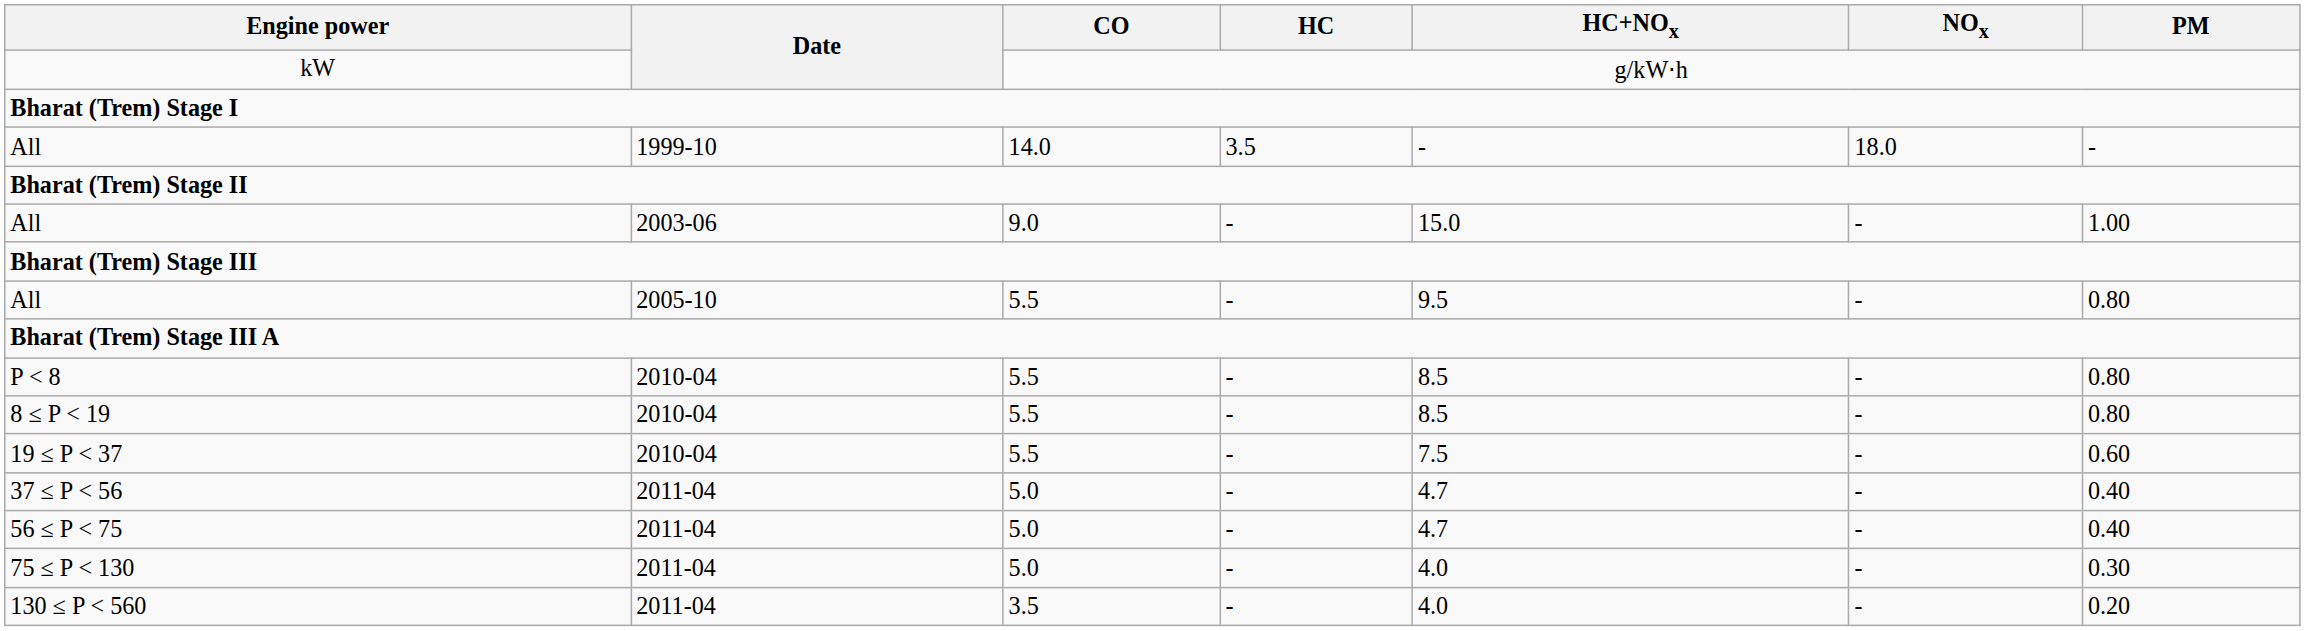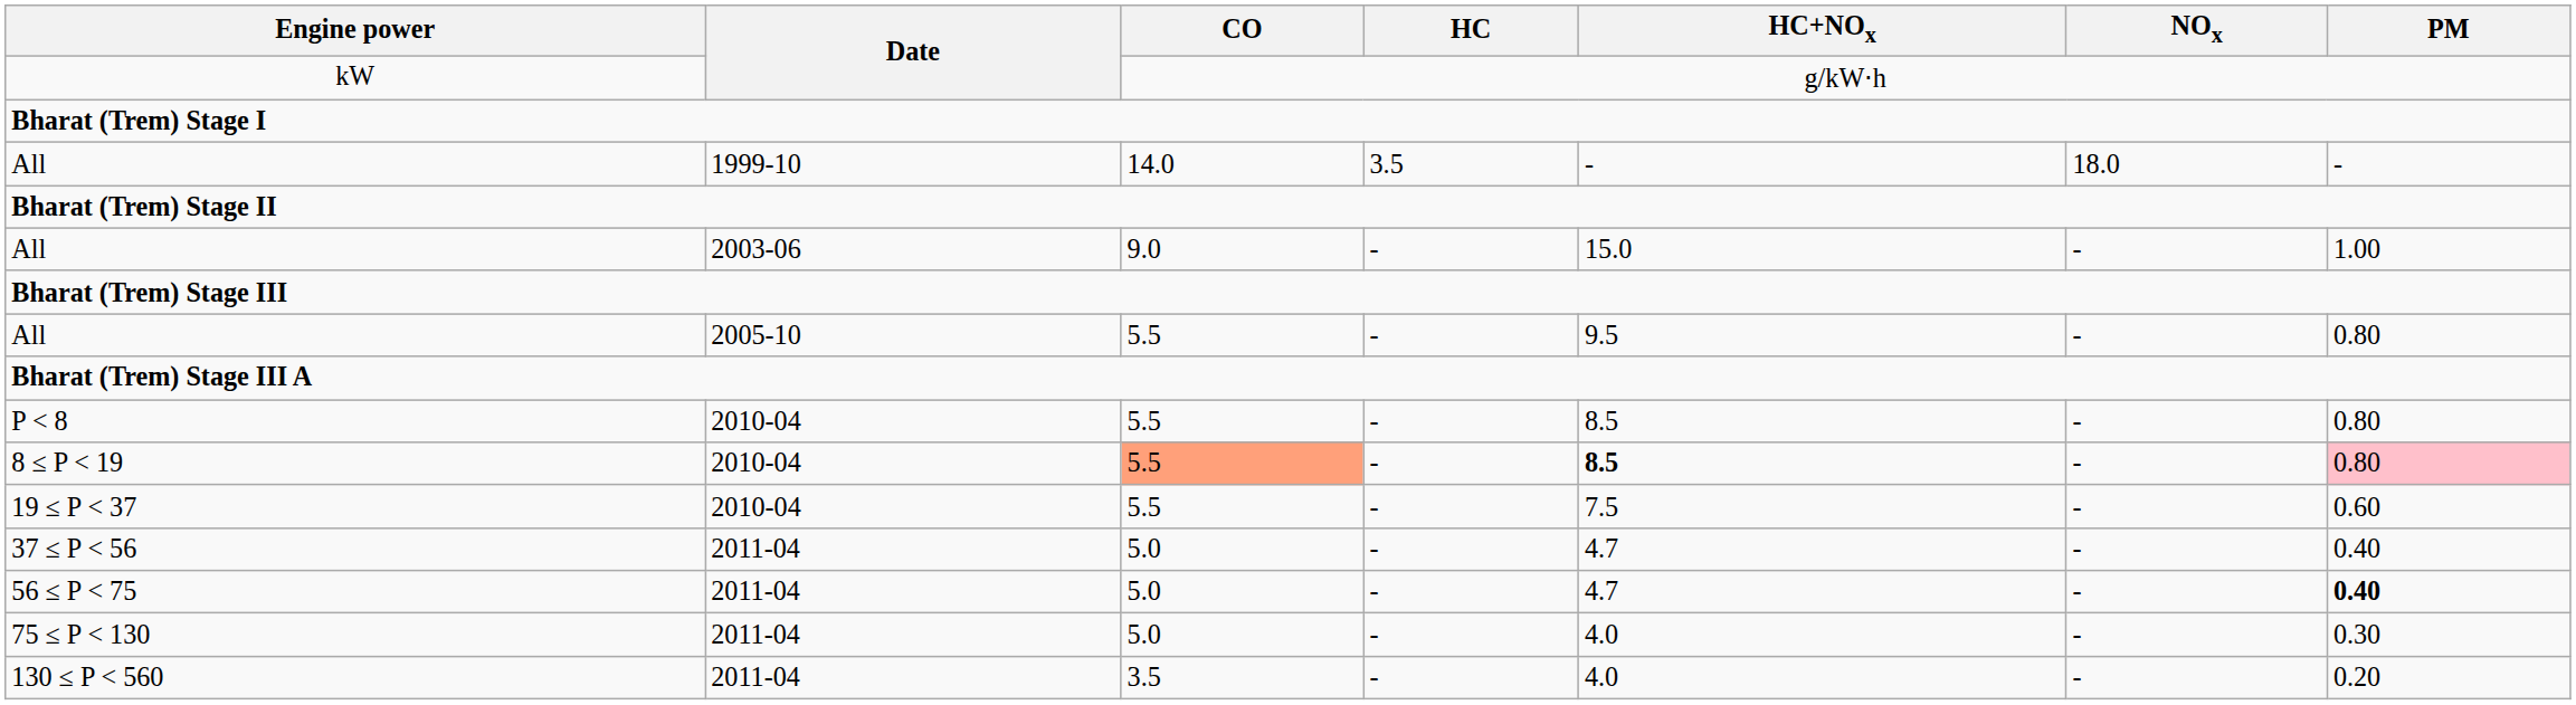 <table class="wikitable" style="width:96%">
 <tr>
 <th>Engine power</th>
 <th rowspan="2">Date</th>
 <th>CO</th>
 <th>HC</th>
 <th>HC+NO<sub>x</sub></th>
 <th>NO<sub>x</sub></th>
 <th>PM</th>
 </tr>
 <tr align="center">
 <td>kW</td>
 <td colspan="5">g/kW⋅h</td>
 </tr>
 <tr>
 <td class="hi lft" colspan="7"><strong>Bharat (Trem) Stage I</strong></td>
 </tr>
 <tr>
 <td>All</td>
 <td>1999-10</td>
 <td>14.0</td>
 <td>3.5</td>
 <td>-</td>
 <td>18.0</td>
 <td>-</td>
 </tr>
 <tr>
 <td class="hi lft" colspan="7"><strong>Bharat (Trem) Stage II</strong></td>
 </tr>
 <tr>
 <td>All</td>
 <td>2003-06</td>
 <td>9.0</td>
 <td>-</td>
 <td>15.0</td>
 <td>-</td>
 <td>1.00</td>
 </tr>
 <tr>
 <td class="hi lft" colspan="7"><strong>Bharat (Trem) Stage III</strong></td>
 </tr>
 <tr>
 <td>All</td>
 <td>2005-10</td>
 <td>5.5</td>
 <td>-</td>
 <td>9.5</td>
 <td>-</td>
 <td>0.80</td>
 </tr>
 <tr>
 <td class="hi lft" colspan="7"><strong>Bharat (Trem) Stage III A</strong></td>
 </tr>
 <tr>
 <td>P < 8</td>
 <td>2010-04</td>
 <td>5.5</td>
 <td>-</td>
 <td>8.5</td>
 <td>-</td>
 <td>0.80</td>
 </tr>
 <tr>
 <td>8 ≤ P < 19</td>
 <td>2010-04</td>
-<td>5.5</td>
+<td style="background: lightsalmon;">5.5</td>
 <td>-</td>
-<td>8.5</td>
+<td><strong>8.5</strong></td>
 <td>-</td>
-<td>0.80</td>
+<td style="background: pink;">0.80</td>
 </tr>
 <tr>
 <td>19 ≤ P < 37</td>
 <td>2010-04</td>
 <td>5.5</td>
 <td>-</td>
 <td>7.5</td>
 <td>-</td>
 <td>0.60</td>
 </tr>
 <tr>
 <td>37 ≤ P < 56</td>
 <td>2011-04</td>
 <td>5.0</td>
 <td>-</td>
 <td>4.7</td>
 <td>-</td>
 <td>0.40</td>
 </tr>
 <tr>
 <td>56 ≤ P < 75</td>
 <td>2011-04</td>
 <td>5.0</td>
 <td>-</td>
 <td>4.7</td>
 <td>-</td>
-<td>0.40</td>
+<td><strong>0.40</strong></td>
 </tr>
 <tr>
 <td>75 ≤ P < 130</td>
 <td>2011-04</td>
 <td>5.0</td>
 <td>-</td>
 <td>4.0</td>
 <td>-</td>
 <td>0.30</td>
 </tr>
 <tr>
 <td>130 ≤ P < 560</td>
 <td>2011-04</td>
 <td>3.5</td>
 <td>-</td>
 <td>4.0</td>
 <td>-</td>
 <td>0.20</td>
 </tr>
 </table>
